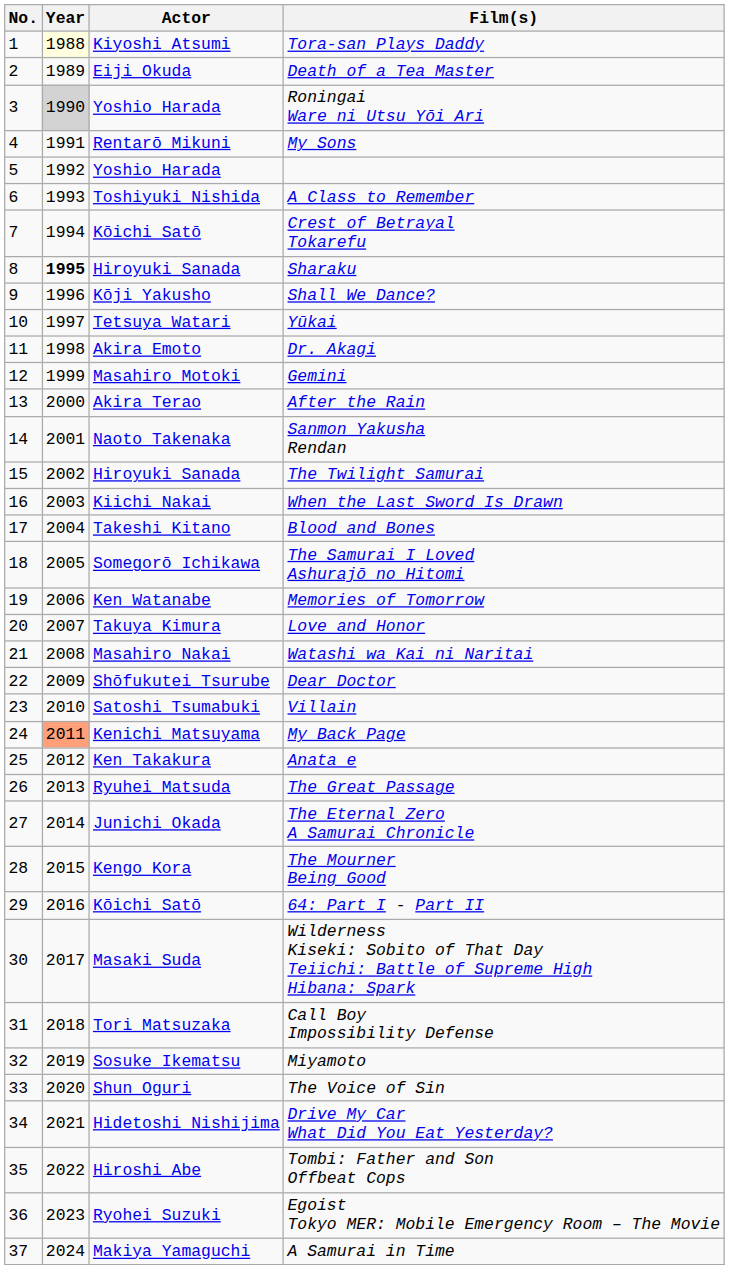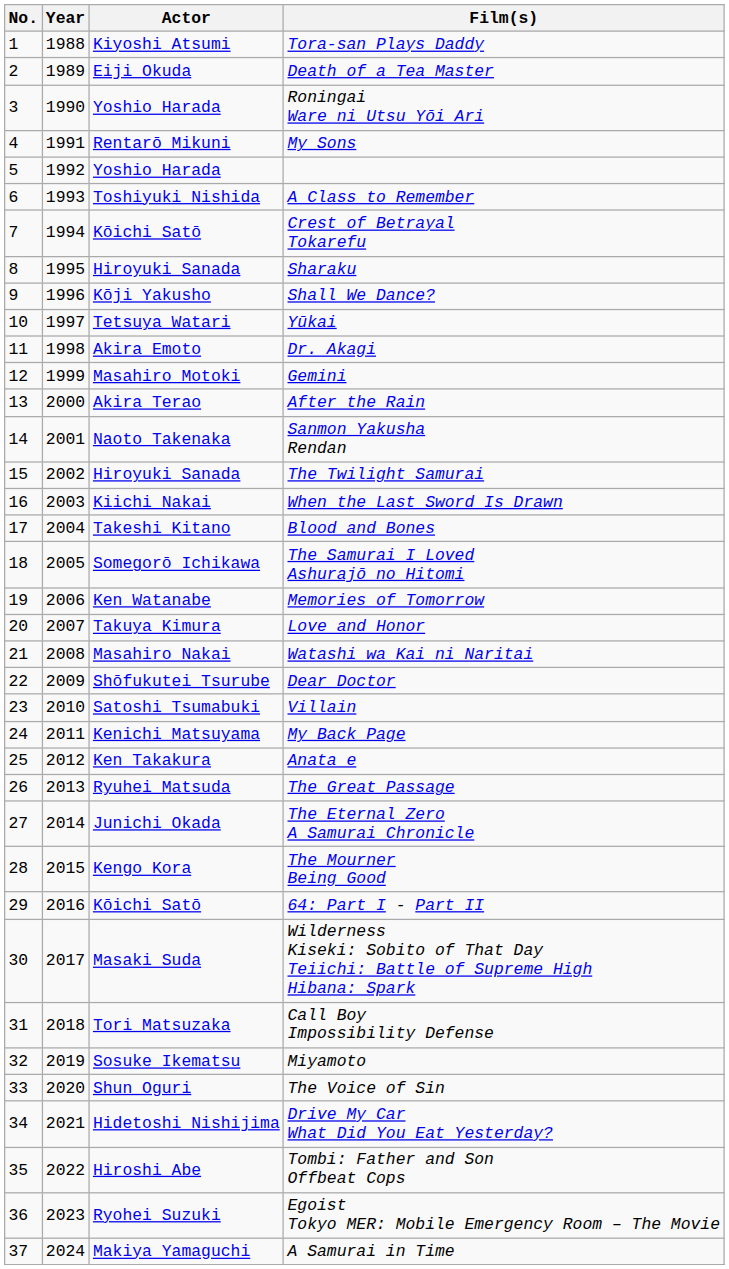 <table class="wikitable">
 <tr>
 <th>No.</th>
 <th>Year</th>
 <th>Actor</th>
 <th>Film(s)</th>
 </tr>
 <tr>
 <td>1</td>
-<td style="background: lightyellow;">1988</td>
+<td>1988</td>
 <td><a href='#'>Kiyoshi Atsumi</a></td>
 <td><em><a href='#'>Tora-san Plays Daddy</a></em></td>
 </tr>
 <tr>
 <td>2</td>
 <td>1989</td>
 <td><a href='#'>Eiji Okuda</a></td>
 <td><em><a href='#'>Death of a Tea Master</a></em></td>
 </tr>
 <tr>
 <td>3</td>
-<td style="background: lightgrey;">1990</td>
+<td>1990</td>
 <td><a href='#'>Yoshio Harada</a></td>
 <td><em>Roningai</em><br><em><a href='#'>Ware ni Utsu Yōi Ari</a></em></td>
 </tr>
 <tr>
 <td>4</td>
 <td>1991</td>
 <td><a href='#'>Rentarō Mikuni</a></td>
 <td><em><a href='#'>My Sons</a></em></td>
 </tr>
 <tr>
 <td>5</td>
 <td>1992</td>
 <td><a href='#'>Yoshio Harada</a></td>
 <td></td>
 </tr>
 <tr>
 <td>6</td>
 <td>1993</td>
 <td><a href='#'>Toshiyuki Nishida</a></td>
 <td><em><a href='#'>A Class to Remember</a></em></td>
 </tr>
 <tr>
 <td>7</td>
 <td>1994</td>
 <td><a href='#'>Kōichi Satō</a></td>
 <td><em><a href='#'>Crest of Betrayal</a><br><a href='#'>Tokarefu</a></em></td>
 </tr>
 <tr>
 <td>8</td>
-<td><strong>1995</strong></td>
+<td>1995</td>
 <td><a href='#'>Hiroyuki Sanada</a></td>
 <td><em><a href='#'>Sharaku</a></em></td>
 </tr>
 <tr>
 <td>9</td>
 <td>1996</td>
 <td><a href='#'>Kōji Yakusho</a></td>
 <td><em><a href='#'>Shall We Dance?</a></em></td>
 </tr>
 <tr>
 <td>10</td>
 <td>1997</td>
 <td><a href='#'>Tetsuya Watari</a></td>
 <td><em><a href='#'>Yūkai</a></em></td>
 </tr>
 <tr>
 <td>11</td>
 <td>1998</td>
 <td><a href='#'>Akira Emoto</a></td>
 <td><em><a href='#'>Dr. Akagi</a></em></td>
 </tr>
 <tr>
 <td>12</td>
 <td>1999</td>
 <td><a href='#'>Masahiro Motoki</a></td>
 <td><em><a href='#'>Gemini</a></em></td>
 </tr>
 <tr>
 <td>13</td>
 <td>2000</td>
 <td><a href='#'>Akira Terao</a></td>
 <td><em><a href='#'>After the Rain</a></em></td>
 </tr>
 <tr>
 <td>14</td>
 <td>2001</td>
 <td><a href='#'>Naoto Takenaka</a></td>
 <td><em><a href='#'>Sanmon Yakusha</a></em><br><em>Rendan</em></td>
 </tr>
 <tr>
 <td>15</td>
 <td>2002</td>
 <td><a href='#'>Hiroyuki Sanada</a></td>
 <td><em><a href='#'>The Twilight Samurai</a></em></td>
 </tr>
 <tr>
 <td>16</td>
 <td>2003</td>
 <td><a href='#'>Kiichi Nakai</a></td>
 <td><em><a href='#'>When the Last Sword Is Drawn</a></em></td>
 </tr>
 <tr>
 <td>17</td>
 <td>2004</td>
 <td><a href='#'>Takeshi Kitano</a></td>
 <td><em><a href='#'>Blood and Bones</a></em></td>
 </tr>
 <tr>
 <td>18</td>
 <td>2005</td>
 <td><a href='#'>Somegorō Ichikawa</a></td>
 <td><em><a href='#'>The Samurai I Loved</a></em><br><em><a href='#'>Ashurajō no Hitomi</a></em></td>
 </tr>
 <tr>
 <td>19</td>
 <td>2006</td>
 <td><a href='#'>Ken Watanabe</a></td>
 <td><em><a href='#'>Memories of Tomorrow</a></em></td>
 </tr>
 <tr>
 <td>20</td>
 <td>2007</td>
 <td><a href='#'>Takuya Kimura</a></td>
 <td><em><a href='#'>Love and Honor</a></em></td>
 </tr>
 <tr>
 <td>21</td>
 <td>2008</td>
 <td><a href='#'>Masahiro Nakai</a></td>
 <td><em><a href='#'>Watashi wa Kai ni Naritai</a></em></td>
 </tr>
 <tr>
 <td>22</td>
 <td>2009</td>
 <td><a href='#'>Shōfukutei Tsurube</a></td>
 <td><em><a href='#'>Dear Doctor</a></em></td>
 </tr>
 <tr>
 <td>23</td>
 <td>2010</td>
 <td><a href='#'>Satoshi Tsumabuki</a></td>
 <td><em><a href='#'>Villain</a></em></td>
 </tr>
 <tr>
 <td>24</td>
-<td style="background: lightsalmon;">2011</td>
+<td>2011</td>
 <td><a href='#'>Kenichi Matsuyama</a></td>
 <td><em><a href='#'>My Back Page</a></em></td>
 </tr>
 <tr>
 <td>25</td>
 <td>2012</td>
 <td><a href='#'>Ken Takakura</a></td>
 <td><em><a href='#'>Anata e</a></em></td>
 </tr>
 <tr>
 <td>26</td>
 <td>2013</td>
 <td><a href='#'>Ryuhei Matsuda</a></td>
 <td><em><a href='#'>The Great Passage</a></em></td>
 </tr>
 <tr>
 <td>27</td>
 <td>2014</td>
 <td><a href='#'>Junichi Okada</a></td>
 <td><em><a href='#'>The Eternal Zero</a></em><br><em><a href='#'>A Samurai Chronicle</a></em></td>
 </tr>
 <tr>
 <td>28</td>
 <td>2015</td>
 <td><a href='#'>Kengo Kora</a></td>
 <td><em><a href='#'>The Mourner</a></em><br><em><a href='#'>Being Good</a></em></td>
 </tr>
 <tr>
 <td>29</td>
 <td>2016</td>
 <td><a href='#'>Kōichi Satō</a></td>
 <td><em><a href='#'>64: Part I</a></em> - <em><a href='#'>Part II</a></em></td>
 </tr>
 <tr>
 <td>30</td>
 <td>2017</td>
 <td><a href='#'>Masaki Suda</a></td>
 <td><em>Wilderness</em><br><em>Kiseki: Sobito of That Day</em><br><em><a href='#'>Teiichi: Battle of Supreme High</a></em><br><em><a href='#'>Hibana: Spark</a></em></td>
 </tr>
 <tr>
 <td>31</td>
 <td>2018</td>
 <td><a href='#'>Tori Matsuzaka</a></td>
 <td><em>Call Boy</em><br><em>Impossibility Defense</em></td>
 </tr>
 <tr>
 <td>32</td>
 <td>2019</td>
 <td><a href='#'>Sosuke Ikematsu</a></td>
 <td><em>Miyamoto</em></td>
 </tr>
 <tr>
 <td>33</td>
 <td>2020</td>
 <td><a href='#'>Shun Oguri</a></td>
 <td><em>The Voice of Sin</em></td>
 </tr>
 <tr>
 <td>34</td>
 <td>2021</td>
 <td><a href='#'>Hidetoshi Nishijima</a></td>
 <td><em><a href='#'>Drive My Car</a></em><br><em><a href='#'>What Did You Eat Yesterday?</a></em></td>
 </tr>
 <tr>
 <td>35</td>
 <td>2022</td>
 <td><a href='#'>Hiroshi Abe</a></td>
 <td><em>Tombi: Father and Son</em><br><em>Offbeat Cops</em></td>
 </tr>
 <tr>
 <td>36</td>
 <td>2023</td>
 <td><a href='#'>Ryohei Suzuki</a></td>
 <td><em>Egoist</em><br><em>Tokyo MER: Mobile Emergency Room – The Movie</em></td>
 </tr>
 <tr>
 <td>37</td>
 <td>2024</td>
 <td><a href='#'>Makiya Yamaguchi</a></td>
 <td><em>A Samurai in Time</em></td>
 </tr>
 <tr>
 </tr>
 </table>
